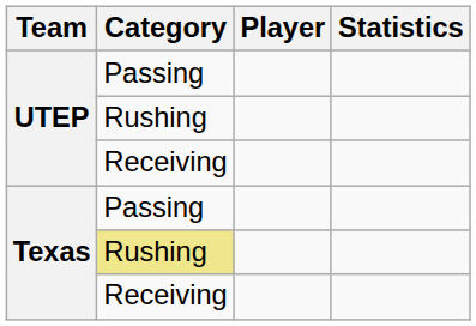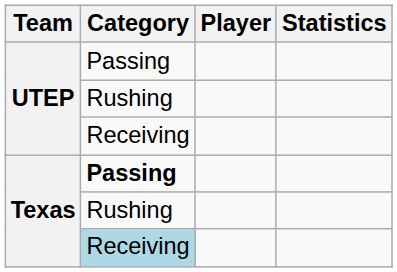 <table class="wikitable" style="float:right">
 <tr>
 <th>Team</th>
 <th>Category</th>
 <th>Player</th>
 <th>Statistics</th>
 </tr>
 <tr>
 <th rowspan=3>UTEP</th>
 <td>Passing</td>
 <td></td>
 <td></td>
 </tr>
 <tr>
 <td>Rushing</td>
 <td></td>
 <td></td>
 </tr>
 <tr>
 <td>Receiving</td>
 <td></td>
 <td></td>
 </tr>
 <tr>
 <th rowspan=3>Texas</th>
-<td>Passing</td>
+<td><strong>Passing</strong></td>
 <td></td>
 <td></td>
 </tr>
 <tr>
-<td style="background: khaki;">Rushing</td>
+<td>Rushing</td>
 <td></td>
 <td></td>
 </tr>
 <tr>
-<td>Receiving</td>
+<td style="background: lightblue;">Receiving</td>
 <td></td>
 <td></td>
 </tr>
 </table>
